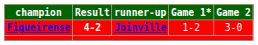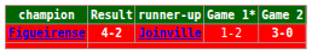 <table class="wikitable" style="text-align:center; color:white; background:#ff0000">
 <tr>
 <th style="background:#006400">champion</th>
 <th style="background:#006400">Result</th>
 <th style="background:#006400">runner-up</th>
 <th style="background:#006400">Game 1*</th>
 <th style="background:#006400">Game 2</th>
 </tr>
 <tr>
 <td><strong><a href='#'><span>Figueirense</span></a></strong></td>
 <td><strong>4-2</strong></td>
 <td><strong><a href='#'><span>Joinville</span></a></strong></td>
 <td>1-2</td>
-<td>3-0</td>
+<td><strong>3-0</strong></td>
 </tr>
 <tr>
 <td></td>
 </tr>
 </table>
